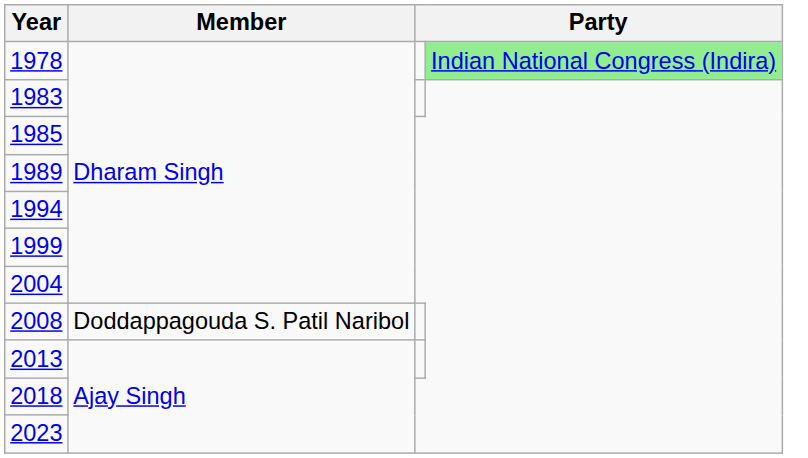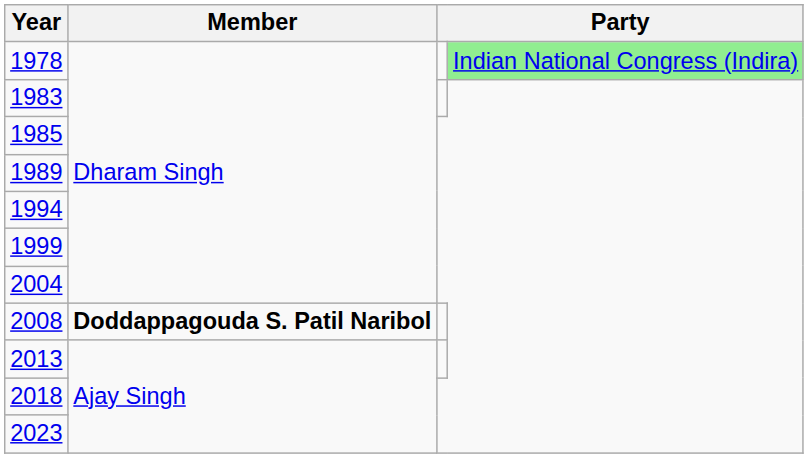 <table class="wikitable sortable">
 <tr>
 <th>Year</th>
 <th>Member</th>
 <th colspan=2>Party</th>
 </tr>
 <tr>
 <td><a href='#'>1978</a></td>
 <td rowspan=7><a href='#'>Dharam Singh</a></td>
 <td bgcolor=></td>
 <td style="background: lightgreen;"><a href='#'>Indian National Congress (Indira)</a></td>
 </tr>
 <tr>
 <td><a href='#'>1983</a></td>
 <td></td>
 </tr>
 <tr>
 <td><a href='#'>1985</a></td>
 </tr>
 <tr>
 <td><a href='#'>1989</a></td>
 </tr>
 <tr>
 <td><a href='#'>1994</a></td>
 </tr>
 <tr>
 <td><a href='#'>1999</a></td>
 </tr>
 <tr>
 <td><a href='#'>2004</a></td>
 </tr>
 <tr>
 <td><a href='#'>2008</a></td>
-<td>Doddappagouda S. Patil Naribol</td>
+<td><strong>Doddappagouda S. Patil Naribol</strong></td>
 <td></td>
 </tr>
 <tr>
 <td><a href='#'>2013</a></td>
 <td rowspan=3><a href='#'>Ajay Singh</a></td>
 <td></td>
 </tr>
 <tr>
 <td><a href='#'>2018</a></td>
 </tr>
 <tr>
 <td><a href='#'>2023</a></td>
 </tr>
 </table>
